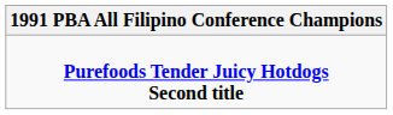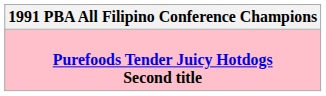 <table class=wikitable style="text-align:center; margin:auto">
 <tr>
 <th>1991 PBA All Filipino Conference Champions</th>
 </tr>
 <tr>
-<td><br> <strong><a href='#'>Purefoods Tender Juicy Hotdogs</a></strong> <br> <strong>Second title</strong></td>
+<td style="background: pink;"><br> <strong><a href='#'>Purefoods Tender Juicy Hotdogs</a></strong> <br> <strong>Second title</strong></td>
 </tr>
 </table>
